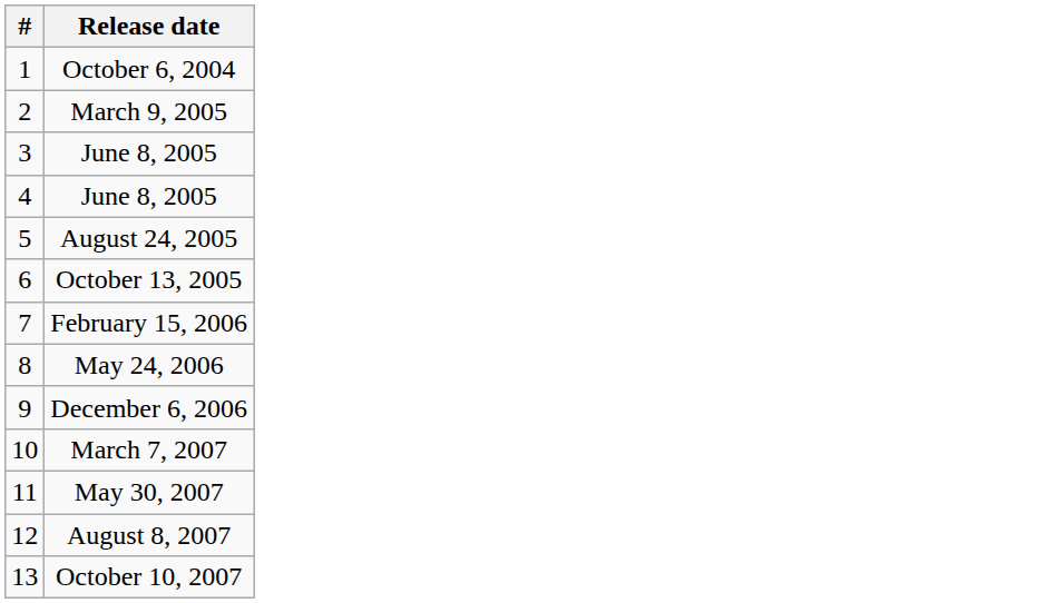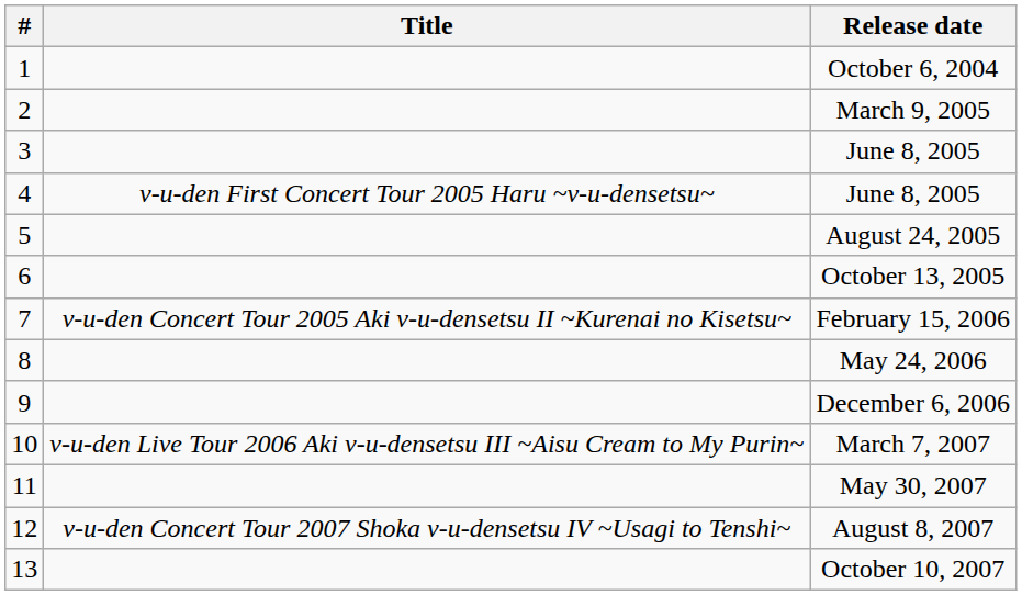 <table class="wikitable" style="text-align:center" cellpadding="2">
 <tr>
 <th>#</th>
+<th>Title</th>
 <th>Release date</th>
 </tr>
 <tr>
 <td>1</td>
+<td></td>
 <td>October 6, 2004</td>
 </tr>
 <tr>
 <td>2</td>
+<td></td>
 <td>March 9, 2005</td>
 </tr>
 <tr>
 <td>3</td>
+<td></td>
 <td>June 8, 2005</td>
 </tr>
 <tr>
 <td>4</td>
+<td><em>v-u-den First Concert Tour 2005 Haru ~v-u-densetsu~</em></td>
 <td>June 8, 2005</td>
 </tr>
 <tr>
 <td>5</td>
+<td></td>
 <td>August 24, 2005</td>
 </tr>
 <tr>
 <td>6</td>
+<td></td>
 <td>October 13, 2005</td>
 </tr>
 <tr>
 <td>7</td>
+<td><em>v-u-den Concert Tour 2005 Aki v-u-densetsu II ~Kurenai no Kisetsu~</em></td>
 <td>February 15, 2006</td>
 </tr>
 <tr>
 <td>8</td>
+<td></td>
 <td>May 24, 2006</td>
 </tr>
 <tr>
 <td>9</td>
+<td></td>
 <td>December 6, 2006</td>
 </tr>
 <tr>
 <td>10</td>
+<td><em>v-u-den Live Tour 2006 Aki v-u-densetsu III ~Aisu Cream to My Purin~</em></td>
 <td>March 7, 2007</td>
 </tr>
 <tr>
 <td>11</td>
+<td></td>
 <td>May 30, 2007</td>
 </tr>
 <tr>
 <td>12</td>
+<td><em>v-u-den Concert Tour 2007 Shoka v-u-densetsu IV ~Usagi to Tenshi~</em></td>
 <td>August 8, 2007</td>
 </tr>
 <tr>
 <td>13</td>
+<td></td>
 <td>October 10, 2007</td>
 </tr>
 </table>
